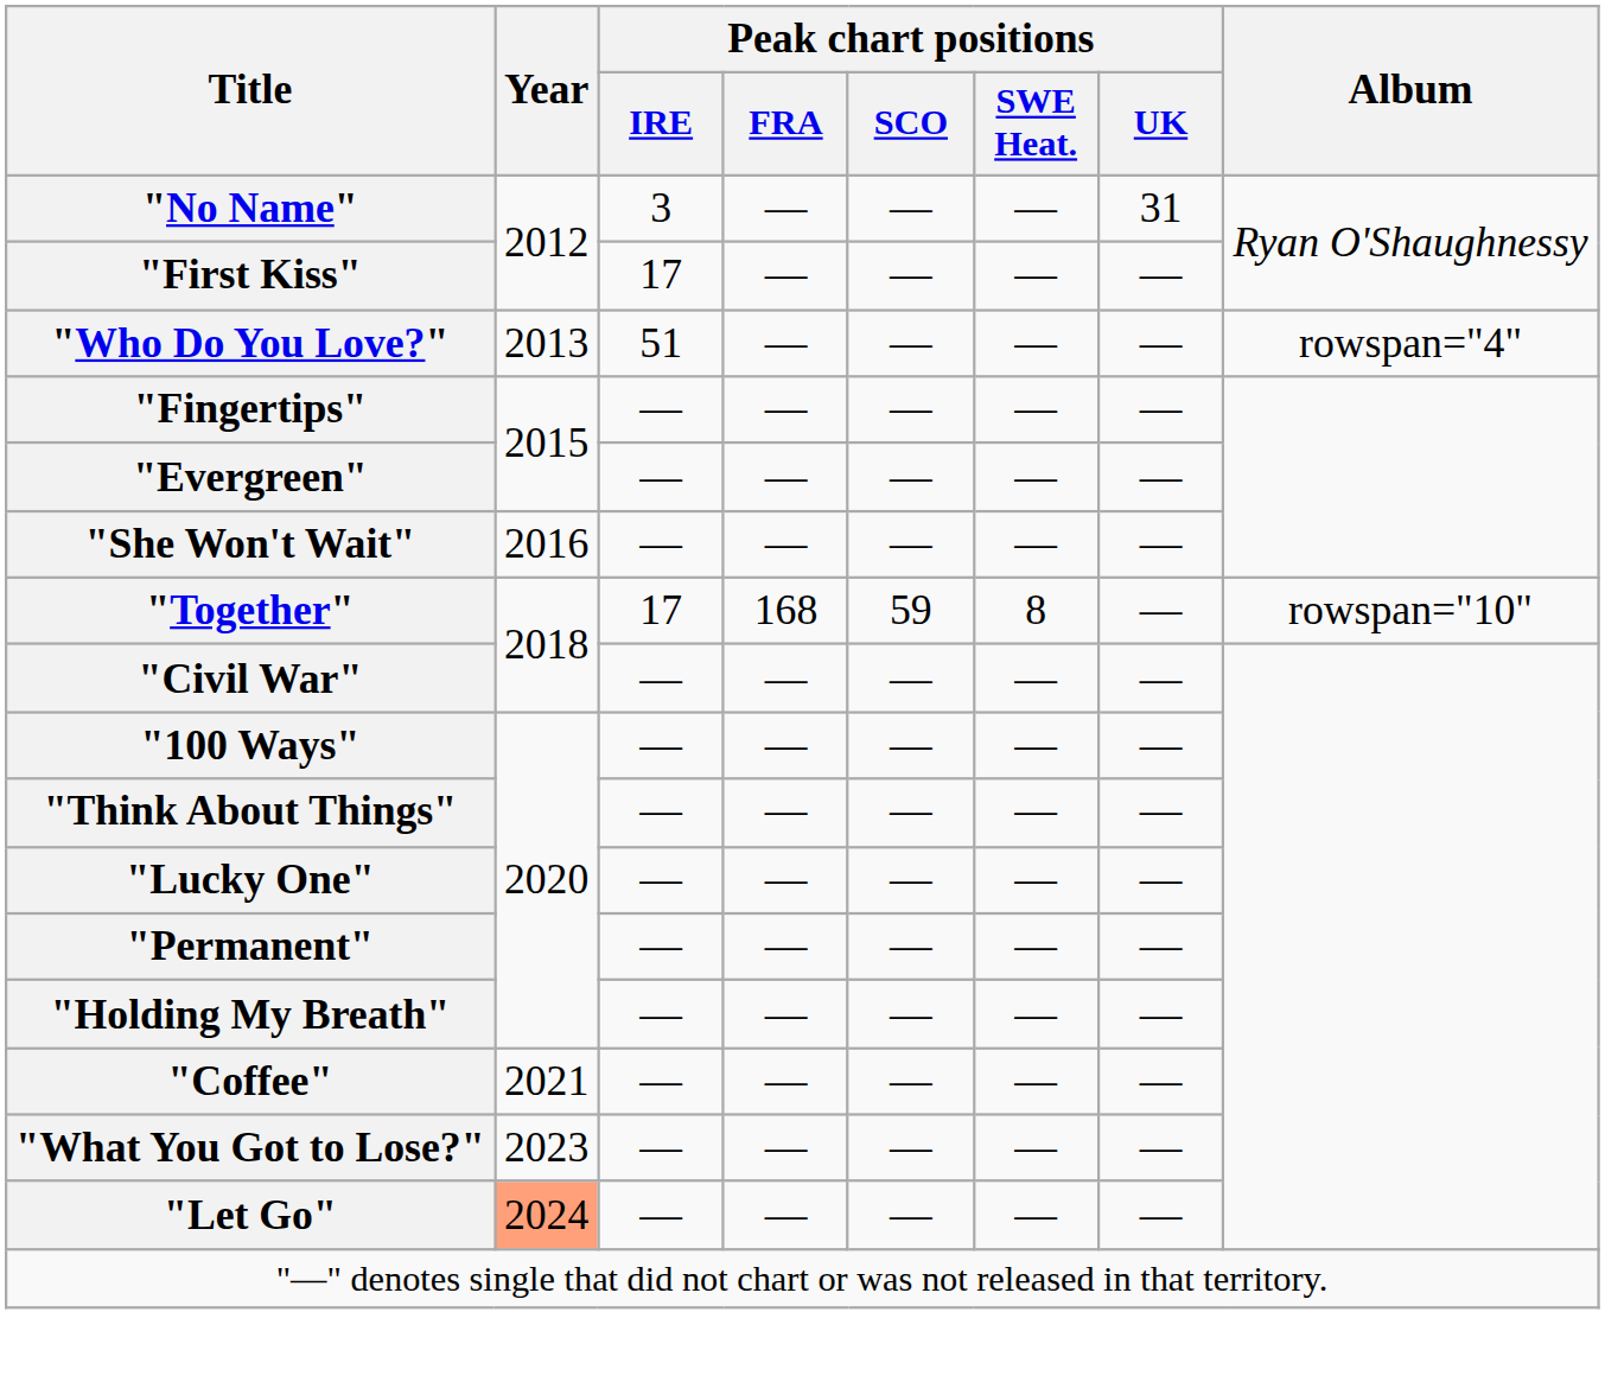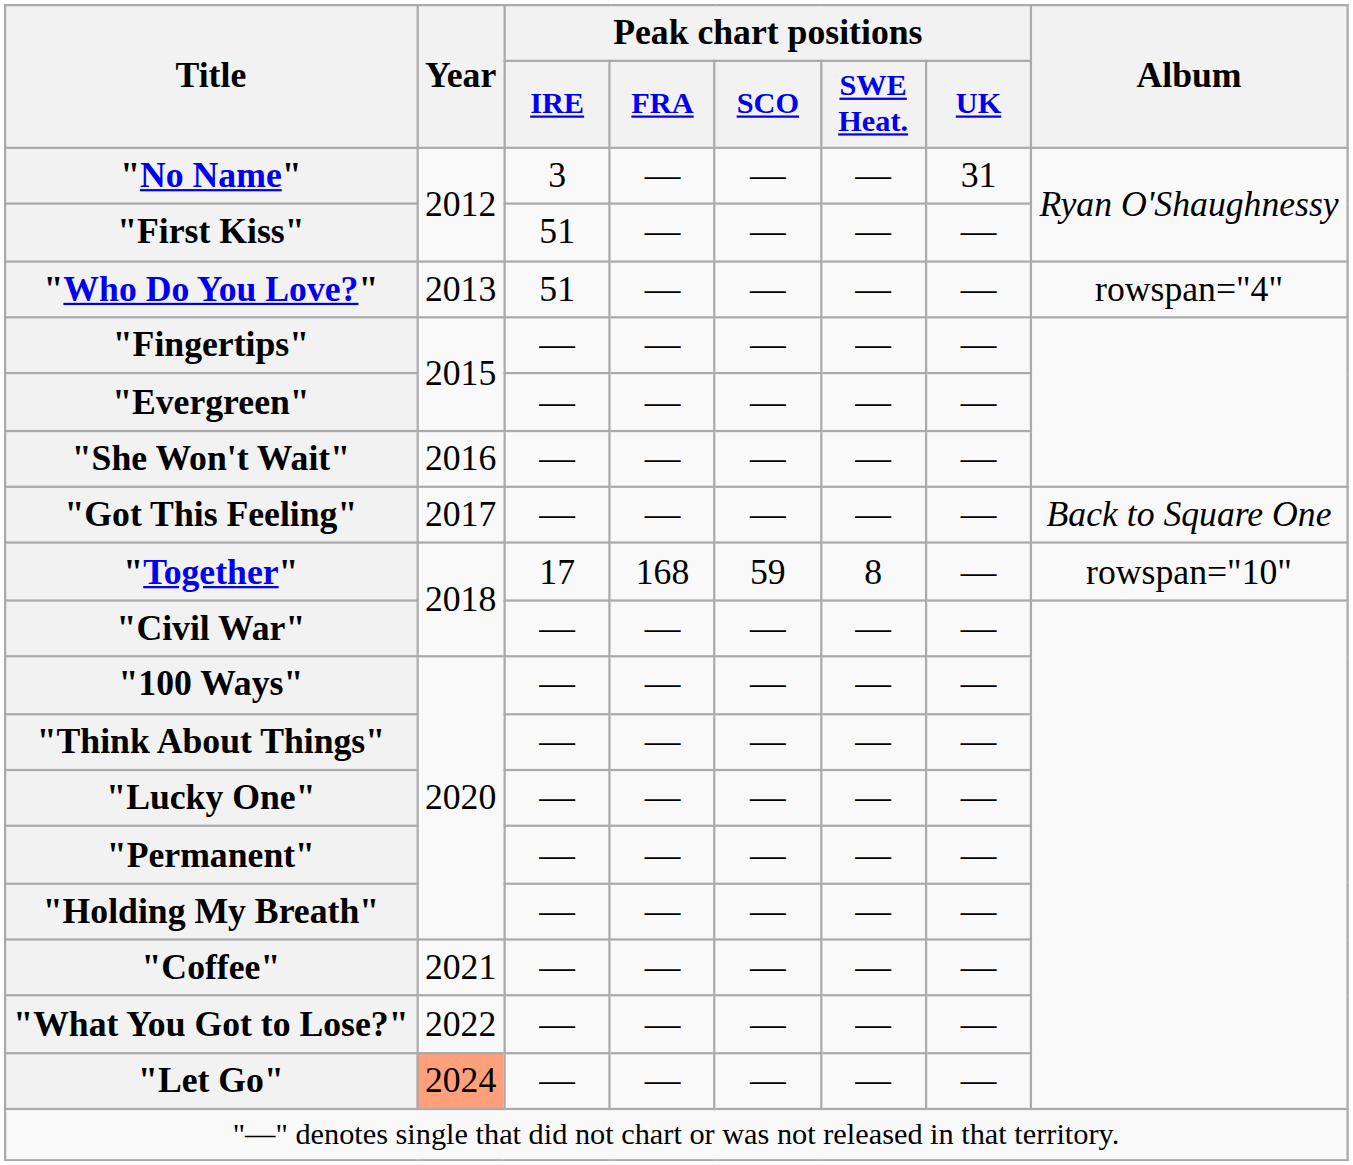 <table class="wikitable plainrowheaders" style="text-align:center;">
 <tr>
 <th scope="col" rowspan="2">Title</th>
 <th scope="col" rowspan="2">Year</th>
 <th scope="col" colspan="5">Peak chart positions</th>
 <th scope="col" rowspan="2">Album</th>
 </tr>
 <tr>
 <th scope="col" style="width:3em;font-size:85%;"><a href='#'>IRE</a><br></th>
 <th scope="col" style="width:3em;font-size:85%;"><a href='#'>FRA</a><br></th>
 <th scope="col" style="width:3em;font-size:85%;"><a href='#'>SCO</a><br></th>
 <th scope="col" style="width:3em;font-size:85%;"><a href='#'>SWE<br>Heat.</a><br></th>
 <th scope="col" style="width:3em;font-size:85%;"><a href='#'>UK</a><br></th>
 </tr>
 <tr>
 <th scope="row">"<a href='#'>No Name</a>"</th>
 <td rowspan="2">2012</td>
 <td>3</td>
 <td>—</td>
 <td>—</td>
 <td>—</td>
 <td>31</td>
 <td rowspan="2"><em>Ryan O'Shaughnessy</em></td>
 </tr>
 <tr>
 <th scope="row">"First Kiss"</th>
-<td>17</td>
+<td>51</td>
 <td>—</td>
 <td>—</td>
 <td>—</td>
 <td>—</td>
 </tr>
 <tr>
 <th scope="row">"<a href='#'>Who Do You Love?</a>"</th>
 <td>2013</td>
 <td>51</td>
 <td>—</td>
 <td>—</td>
 <td>—</td>
 <td>—</td>
 <td>rowspan="4" </td>
 </tr>
 <tr>
 <th scope="row">"Fingertips"</th>
 <td rowspan="2">2015</td>
 <td>—</td>
 <td>—</td>
 <td>—</td>
 <td>—</td>
 <td>—</td>
 </tr>
 <tr>
 <th scope="row">"Evergreen"</th>
 <td>—</td>
 <td>—</td>
 <td>—</td>
 <td>—</td>
 <td>—</td>
 </tr>
 <tr>
 <th scope="row">"She Won't Wait"</th>
 <td>2016</td>
 <td>—</td>
 <td>—</td>
 <td>—</td>
 <td>—</td>
 <td>—</td>
+</tr>
+<tr>
+<th scope="row">"Got This Feeling"</th>
+<td>2017</td>
+<td>—</td>
+<td>—</td>
+<td>—</td>
+<td>—</td>
+<td>—</td>
+<td><em>Back to Square One</em></td>
 </tr>
 <tr>
 <th scope="row">"<a href='#'>Together</a>"</th>
 <td rowspan="2">2018</td>
 <td>17</td>
 <td>168</td>
 <td>59</td>
 <td>8</td>
 <td>—</td>
 <td>rowspan="10" </td>
 </tr>
 <tr>
 <th scope="row">"Civil War"</th>
 <td>—</td>
 <td>—</td>
 <td>—</td>
 <td>—</td>
 <td>—</td>
 </tr>
 <tr>
 <th scope="row">"100 Ways"</th>
 <td rowspan="5">2020</td>
 <td>—</td>
 <td>—</td>
 <td>—</td>
 <td>—</td>
 <td>—</td>
 </tr>
 <tr>
 <th scope="row">"Think About Things"</th>
 <td>—</td>
 <td>—</td>
 <td>—</td>
 <td>—</td>
 <td>—</td>
 </tr>
 <tr>
 <th scope="row">"Lucky One"</th>
 <td>—</td>
 <td>—</td>
 <td>—</td>
 <td>—</td>
 <td>—</td>
 </tr>
 <tr>
 <th scope="row">"Permanent"</th>
 <td>—</td>
 <td>—</td>
 <td>—</td>
 <td>—</td>
 <td>—</td>
 </tr>
 <tr>
 <th scope="row">"Holding My Breath"</th>
 <td>—</td>
 <td>—</td>
 <td>—</td>
 <td>—</td>
 <td>—</td>
 </tr>
 <tr>
 <th scope="row">"Coffee"</th>
 <td>2021</td>
 <td>—</td>
 <td>—</td>
 <td>—</td>
 <td>—</td>
 <td>—</td>
 </tr>
 <tr>
 <th scope="row">"What You Got to Lose?"</th>
-<td>2023</td>
+<td>2022</td>
 <td>—</td>
 <td>—</td>
 <td>—</td>
 <td>—</td>
 <td>—</td>
 </tr>
 <tr>
 <th scope="row">"Let Go"</th>
 <td style="background: lightsalmon;">2024</td>
 <td>—</td>
 <td>—</td>
 <td>—</td>
 <td>—</td>
 <td>—</td>
 </tr>
 <tr>
 <td colspan="8" style="font-size:85%">"—" denotes single that did not chart or was not released in that territory.</td>
 </tr>
 </table>
